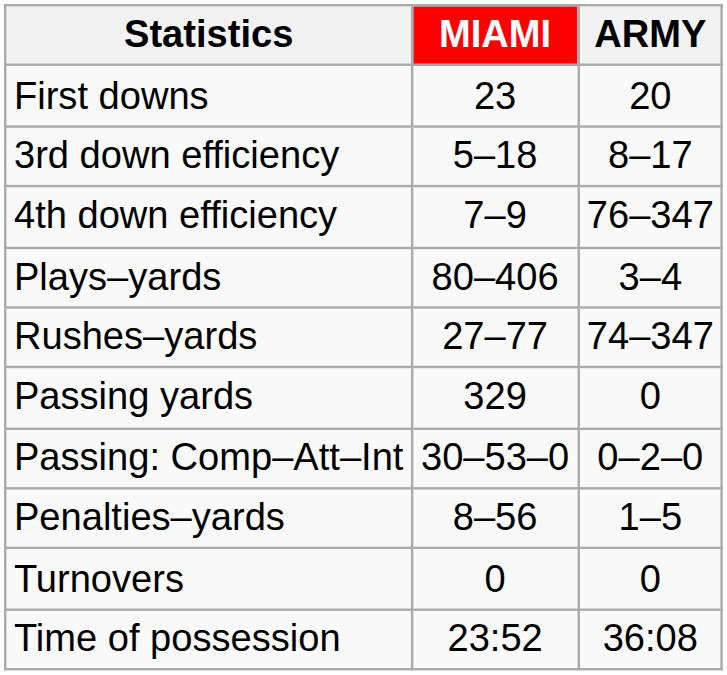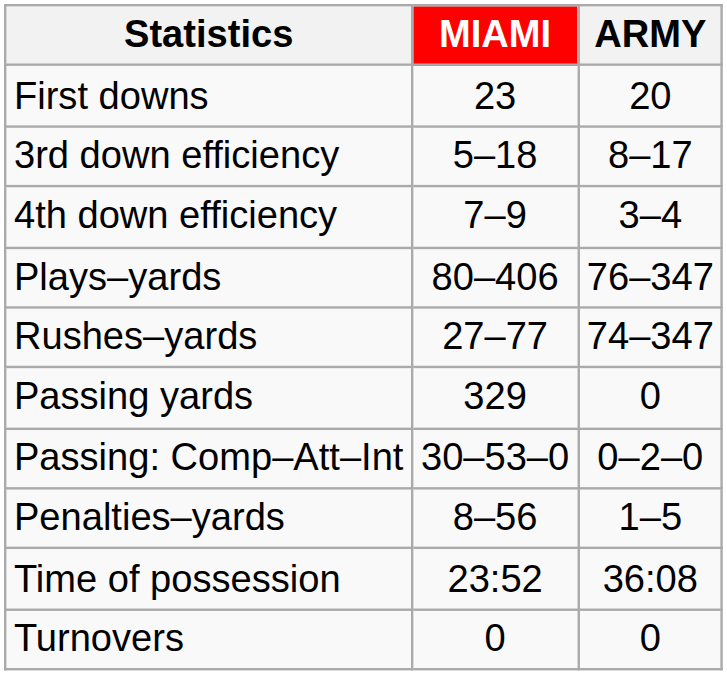 <table class="wikitable">
 <tr>
 <th>Statistics</th>
 <th style="background:red; color:white; text-align:center;">MIAMI</th>
 <th>ARMY</th>
 </tr>
 <tr>
 <td>First downs</td>
 <td align=center>23</td>
 <td align=center>20</td>
 </tr>
 <tr>
 <td>3rd down efficiency</td>
 <td align=center>5–18</td>
 <td align=center>8–17</td>
 </tr>
 <tr>
 <td>4th down efficiency</td>
 <td align=center>7–9</td>
-<td align=center>76–347</td>
+<td align=center>3–4</td>
 </tr>
 <tr>
 <td>Plays–yards</td>
 <td align=center>80–406</td>
-<td align=center>3–4</td>
+<td align=center>76–347</td>
 </tr>
 <tr>
 <td>Rushes–yards</td>
 <td align=center>27–77</td>
 <td align=center>74–347</td>
 </tr>
 <tr>
 <td>Passing yards</td>
 <td align=center>329</td>
 <td align=center>0</td>
 </tr>
 <tr>
 <td>Passing: Comp–Att–Int</td>
 <td align=center>30–53–0</td>
 <td align=center>0–2–0</td>
 </tr>
 <tr>
 <td>Penalties–yards</td>
 <td align=center>8–56</td>
 <td align=center>1–5</td>
 </tr>
 <tr>
+<td>Time of possession</td>
+<td align=center>23:52</td>
+<td align=center>36:08</td>
+</tr>
+<tr>
 <td>Turnovers</td>
 <td align=center>0</td>
 <td align=center>0</td>
 </tr>
-<tr>
-<td>Time of possession</td>
-<td align=center>23:52</td>
-<td align=center>36:08</td>
-</tr>
 </table>
